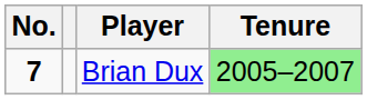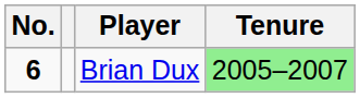 <table class="wikitable" style="text-align:center; font-size:100%;">
 <tr>
 <th>No.</th>
 <th></th>
 <th>Player</th>
 <th>Tenure</th>
 </tr>
 <tr>
-<td><strong>7</strong></td>
+<td><strong>6</strong></td>
 <td></td>
 <td><a href='#'>Brian Dux</a></td>
 <td style="background: lightgreen;">2005–2007</td>
 </tr>
 </table>
